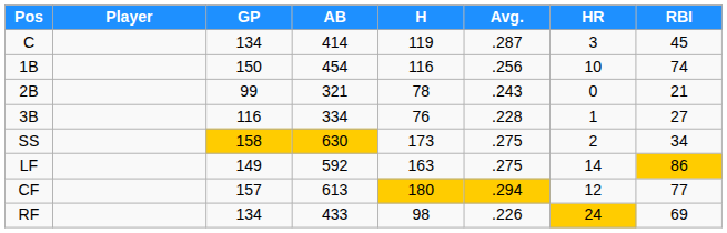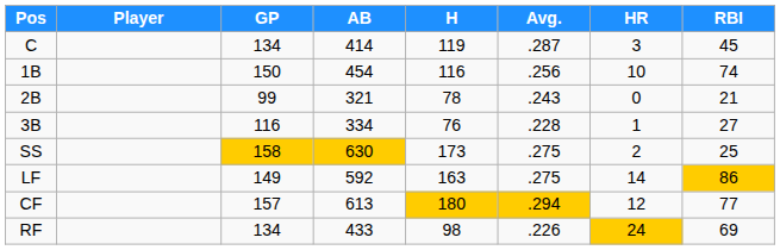 <table class="wikitable sortable">
 <tr>
 <th style="background:#1E90FF;color:#ffffff;" width="5%">Pos</th>
 <th style="background:#1E90FF;color:#ffffff;" width="16%">Player</th>
 <th style="background:#1E90FF;color:#ffffff;" width="9%">GP</th>
 <th style="background:#1E90FF;color:#ffffff;" width="9%">AB</th>
 <th style="background:#1E90FF;color:#ffffff;" width="9%">H</th>
 <th style="background:#1E90FF;color:#ffffff;" width="9%">Avg.</th>
 <th style="background:#1E90FF;color:#ffffff;" width="9%">HR</th>
 <th style="background:#1E90FF;color:#ffffff;" width="9%">RBI</th>
 </tr>
 <tr align="center">
 <td>C</td>
 <td></td>
 <td>134</td>
 <td>414</td>
 <td>119</td>
 <td>.287</td>
 <td>3</td>
 <td>45</td>
 </tr>
 <tr align="center">
 <td>1B</td>
 <td></td>
 <td>150</td>
 <td>454</td>
 <td>116</td>
 <td>.256</td>
 <td>10</td>
 <td>74</td>
 </tr>
 <tr align="center">
 <td>2B</td>
 <td></td>
 <td>99</td>
 <td>321</td>
 <td>78</td>
 <td>.243</td>
 <td>0</td>
 <td>21</td>
 </tr>
 <tr align="center">
 <td>3B</td>
 <td></td>
 <td>116</td>
 <td>334</td>
 <td>76</td>
 <td>.228</td>
 <td>1</td>
 <td>27</td>
 </tr>
 <tr align="center">
 <td>SS</td>
 <td></td>
 <td style="background:#fc0;">158</td>
 <td style="background:#fc0;">630</td>
 <td>173</td>
 <td>.275</td>
 <td>2</td>
-<td>34</td>
+<td>25</td>
 </tr>
 <tr align="center">
 <td>LF</td>
 <td></td>
 <td>149</td>
 <td>592</td>
 <td>163</td>
 <td>.275</td>
 <td>14</td>
 <td style="background:#fc0;">86</td>
 </tr>
 <tr align="center">
 <td>CF</td>
 <td></td>
 <td>157</td>
 <td>613</td>
 <td style="background:#fc0;">180</td>
 <td style="background:#fc0;">.294</td>
 <td>12</td>
 <td>77</td>
 </tr>
 <tr align="center">
 <td>RF</td>
 <td></td>
 <td>134</td>
 <td>433</td>
 <td>98</td>
 <td>.226</td>
 <td style="background:#fc0;">24</td>
 <td>69</td>
 </tr>
 </table>
